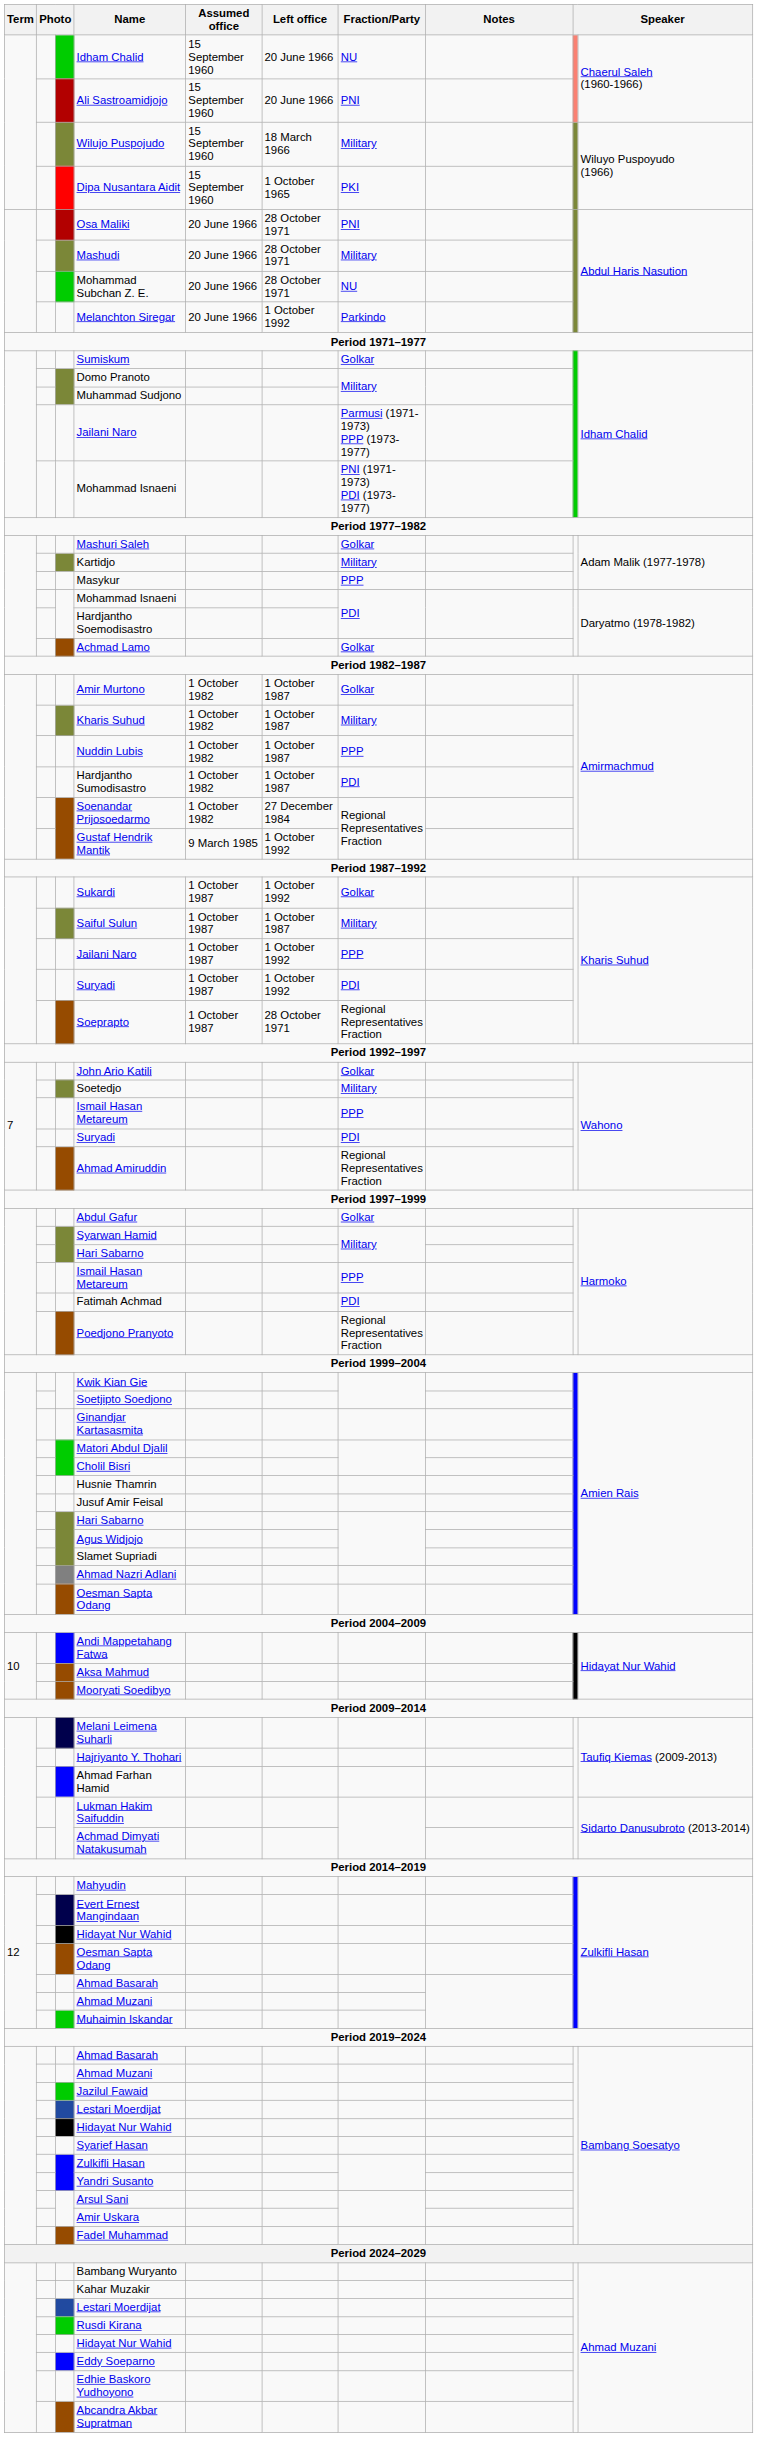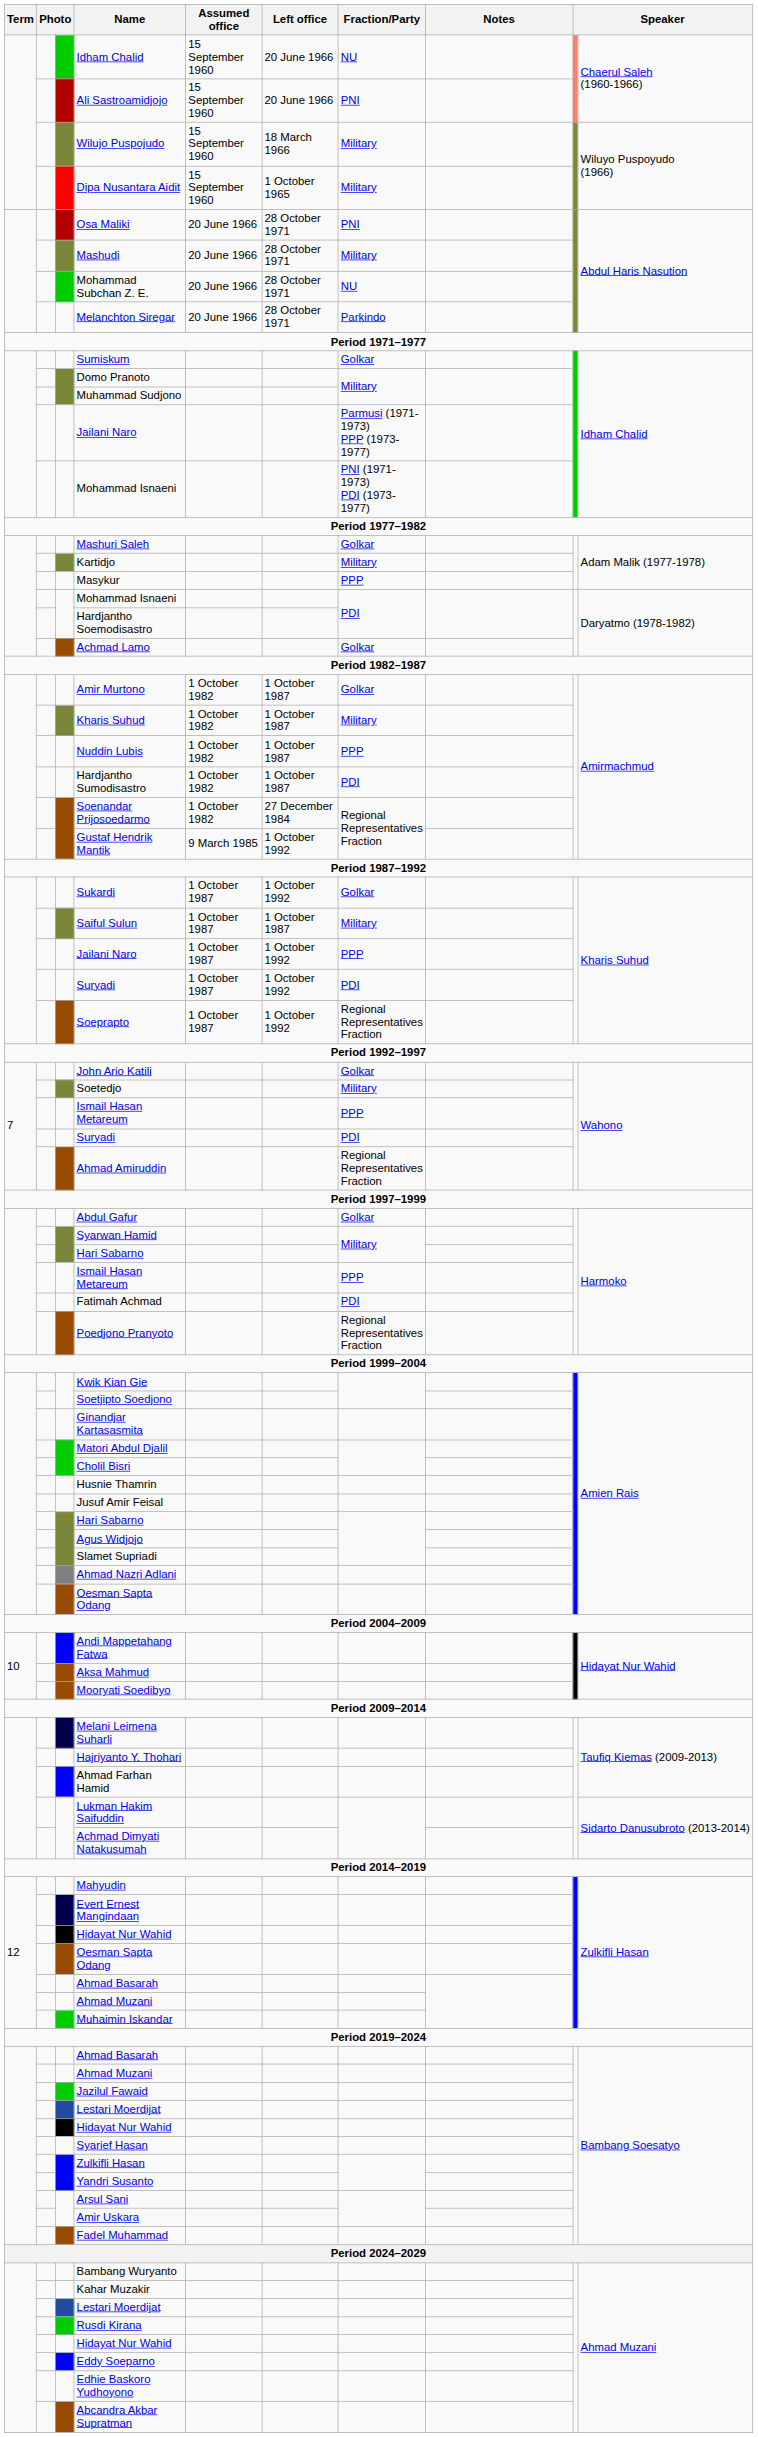 <table class="wikitable">
 <tr>
 <th width=10>Term</th>
 <th colspan="2">Photo</th>
 <th width=150>Name</th>
 <th width=100>Assumed office</th>
 <th width=100>Left office</th>
 <th width="100">Fraction/Party</th>
 <th width="200">Notes</th>
 <th colspan="2">Speaker</th>
 </tr>
 <tr>
 <td rowspan="4"></td>
 <td></td>
 <td bgcolor="#00cc00"></td>
 <td><a href='#'>Idham Chalid</a></td>
 <td>15 September 1960</td>
 <td>20 June 1966</td>
 <td><a href='#'>NU</a></td>
 <td></td>
 <td rowspan="2" bgcolor="salmon"></td>
 <td rowspan="2"><a href='#'>Chaerul Saleh</a><br>(1960-1966)</td>
 </tr>
 <tr>
 <td></td>
 <td bgcolor="#b20000"></td>
 <td><a href='#'>Ali Sastroamidjojo</a></td>
 <td>15 September 1960</td>
 <td>20 June 1966</td>
 <td><a href='#'>PNI</a></td>
 <td></td>
 </tr>
 <tr>
 <td></td>
 <td bgcolor="#7B8738"></td>
 <td><a href='#'>Wilujo Puspojudo</a></td>
 <td>15 September 1960</td>
 <td>18 March 1966</td>
 <td><a href='#'>Military</a></td>
 <td></td>
 <td rowspan="2" bgcolor="#7B8738"></td>
 <td rowspan="2">Wiluyo Puspoyudo<br>(1966)</td>
 </tr>
 <tr>
 <td></td>
 <td bgcolor="red"></td>
 <td><a href='#'>Dipa Nusantara Aidit</a></td>
 <td>15 September 1960</td>
 <td>1 October 1965</td>
-<td><a href='#'>PKI</a></td>
+<td><a href='#'>Military</a></td>
 <td></td>
 </tr>
 <tr>
 <td rowspan="4"></td>
 <td></td>
 <td bgcolor="#b20000"></td>
 <td><a href='#'>Osa Maliki</a></td>
 <td>20 June 1966</td>
 <td>28 October 1971</td>
 <td><a href='#'>PNI</a></td>
 <td></td>
 <td rowspan="4" bgcolor="#7B8738"></td>
 <td rowspan="4"><a href='#'>Abdul Haris Nasution</a></td>
 </tr>
 <tr>
 <td></td>
 <td bgcolor="#7B8738"></td>
 <td><a href='#'>Mashudi</a></td>
 <td>20 June 1966</td>
 <td>28 October 1971</td>
 <td><a href='#'>Military</a></td>
 <td></td>
 </tr>
 <tr>
 <td></td>
 <td bgcolor="#00cc00"></td>
 <td>Mohammad Subchan Z. E.</td>
 <td>20 June 1966</td>
 <td>28 October 1971</td>
 <td><a href='#'>NU</a></td>
 <td></td>
 </tr>
 <tr>
 <td></td>
 <td bgcolor=></td>
 <td><a href='#'>Melanchton Siregar</a></td>
 <td>20 June 1966</td>
-<td>1 October 1992</td>
+<td>28 October 1971</td>
 <td><a href='#'>Parkindo</a></td>
 <td></td>
 </tr>
 <tr>
 <td colspan=10 style="text-align:center;"><strong>Period 1971–1977</strong></td>
 </tr>
 <tr>
 <td rowspan="5"></td>
 <td></td>
 <td bgcolor=></td>
 <td><a href='#'>Sumiskum</a></td>
 <td></td>
 <td></td>
 <td><a href='#'>Golkar</a></td>
 <td></td>
 <td rowspan="5" bgcolor="#00cc00"></td>
 <td rowspan="5"><a href='#'>Idham Chalid</a></td>
 </tr>
 <tr>
 <td></td>
 <td rowspan="2" bgcolor="#7B8738"></td>
 <td>Domo Pranoto</td>
 <td></td>
 <td></td>
 <td rowspan="2"><a href='#'>Military</a></td>
 <td rowspan="2"></td>
 </tr>
 <tr>
 <td></td>
 <td>Muhammad Sudjono</td>
 <td></td>
 <td></td>
 </tr>
 <tr>
 <td></td>
 <td bgcolor=></td>
 <td><a href='#'>Jailani Naro</a></td>
 <td></td>
 <td></td>
 <td><a href='#'>Parmusi</a> (1971-1973)<br><a href='#'>PPP</a> (1973-1977)</td>
 <td></td>
 </tr>
 <tr>
 <td></td>
 <td bgcolor=></td>
 <td>Mohammad Isnaeni</td>
 <td></td>
 <td></td>
 <td><a href='#'>PNI</a> (1971-1973)<br><a href='#'>PDI</a> (1973-1977)</td>
 <td></td>
 </tr>
 <tr>
 <td colspan=10 style="text-align:center;"><strong>Period 1977–1982</strong></td>
 </tr>
 <tr>
 <td rowspan="6"></td>
 <td></td>
 <td bgcolor=></td>
 <td><a href='#'>Mashuri Saleh</a></td>
 <td></td>
 <td></td>
 <td><a href='#'>Golkar</a></td>
 <td></td>
 <td rowspan="3" bgcolor=></td>
 <td rowspan="3">Adam Malik (1977-1978)</td>
 </tr>
 <tr>
 <td></td>
 <td bgcolor="#7B8738"></td>
 <td>Kartidjo</td>
 <td></td>
 <td></td>
 <td><a href='#'>Military</a></td>
 <td></td>
 </tr>
 <tr>
 <td></td>
 <td bgcolor=></td>
 <td>Masykur</td>
 <td></td>
 <td></td>
 <td><a href='#'>PPP</a></td>
 <td></td>
 </tr>
 <tr>
 <td></td>
 <td rowspan="2" bgcolor=></td>
 <td>Mohammad Isnaeni</td>
 <td></td>
 <td></td>
 <td rowspan="2"><a href='#'>PDI</a></td>
 <td rowspan="2"></td>
 <td rowspan="3" bgcolor=></td>
 <td rowspan="3">Daryatmo (1978-1982)</td>
 </tr>
 <tr>
 <td></td>
 <td>Hardjantho Soemodisastro</td>
 <td></td>
 <td></td>
 </tr>
 <tr>
 <td></td>
 <td bgcolor="964B00"></td>
 <td><a href='#'>Achmad Lamo</a></td>
 <td></td>
 <td></td>
 <td><a href='#'>Golkar</a></td>
 <td></td>
 </tr>
 <tr>
 <td colspan=10 style="text-align:center;"><strong>Period 1982–1987</strong></td>
 </tr>
 <tr>
 <td rowspan="6"></td>
 <td></td>
 <td bgcolor=></td>
 <td><a href='#'>Amir Murtono</a></td>
 <td>1 October 1982</td>
 <td>1 October 1987</td>
 <td><a href='#'>Golkar</a></td>
 <td></td>
 <td rowspan="6" bgcolor=></td>
 <td rowspan="6"><a href='#'>Amirmachmud</a></td>
 </tr>
 <tr>
 <td></td>
 <td bgcolor="#7B8738"></td>
 <td><a href='#'>Kharis Suhud</a></td>
 <td>1 October 1982</td>
 <td>1 October 1987</td>
 <td><a href='#'>Military</a></td>
 <td></td>
 </tr>
 <tr>
 <td></td>
 <td bgcolor=></td>
 <td><a href='#'>Nuddin Lubis</a></td>
 <td>1 October 1982</td>
 <td>1 October 1987</td>
 <td><a href='#'>PPP</a></td>
 <td></td>
 </tr>
 <tr>
 <td></td>
 <td bgcolor=></td>
 <td>Hardjantho Sumodisastro</td>
 <td>1 October 1982</td>
 <td>1 October 1987</td>
 <td><a href='#'>PDI</a></td>
 <td></td>
 </tr>
 <tr>
 <td></td>
 <td rowspan="2" bgcolor="964B00"></td>
 <td><a href='#'>Soenandar Prijosoedarmo</a></td>
 <td>1 October 1982</td>
 <td>27 December 1984</td>
 <td rowspan="2">Regional Representatives Fraction</td>
 <td></td>
 </tr>
 <tr>
 <td></td>
 <td><a href='#'>Gustaf Hendrik Mantik</a></td>
 <td>9 March 1985</td>
 <td>1 October 1992</td>
 <td></td>
 </tr>
 <tr>
 <td colspan=10 style="text-align:center;"><strong>Period 1987–1992</strong></td>
 </tr>
 <tr>
 <td rowspan="5"></td>
 <td></td>
 <td bgcolor=></td>
 <td><a href='#'>Sukardi</a></td>
 <td>1 October 1987</td>
 <td>1 October 1992</td>
 <td><a href='#'>Golkar</a></td>
 <td></td>
 <td rowspan="5" bgcolor=></td>
 <td rowspan="5"><a href='#'>Kharis Suhud</a></td>
 </tr>
 <tr>
 <td></td>
 <td bgcolor="#7B8738"></td>
 <td><a href='#'>Saiful Sulun</a></td>
 <td>1 October 1987</td>
 <td>1 October 1987</td>
 <td><a href='#'>Military</a></td>
 <td></td>
 </tr>
 <tr>
 <td></td>
 <td bgcolor=></td>
 <td><a href='#'>Jailani Naro</a></td>
 <td>1 October 1987</td>
 <td>1 October 1992</td>
 <td><a href='#'>PPP</a></td>
 <td></td>
 </tr>
 <tr>
 <td></td>
 <td bgcolor=></td>
 <td><a href='#'>Suryadi</a></td>
 <td>1 October 1987</td>
 <td>1 October 1992</td>
 <td><a href='#'>PDI</a></td>
 <td></td>
 </tr>
 <tr>
 <td></td>
 <td bgcolor="964B00"></td>
 <td><a href='#'>Soeprapto</a></td>
 <td>1 October 1987</td>
-<td>28 October 1971</td>
+<td>1 October 1992</td>
 <td>Regional Representatives Fraction</td>
 <td></td>
 </tr>
 <tr>
 <td colspan=10 style="text-align:center;"><strong>Period 1992–1997</strong></td>
 </tr>
 <tr>
 <td rowspan="5">7</td>
 <td></td>
 <td bgcolor=></td>
 <td><a href='#'>John Ario Katili</a></td>
 <td></td>
 <td></td>
 <td><a href='#'>Golkar</a></td>
 <td></td>
 <td rowspan="5" bgcolor=></td>
 <td rowspan="5"><a href='#'>Wahono</a></td>
 </tr>
 <tr>
 <td></td>
 <td bgcolor="#7B8738"></td>
 <td>Soetedjo</td>
 <td></td>
 <td></td>
 <td><a href='#'>Military</a></td>
 <td></td>
 </tr>
 <tr>
 <td></td>
 <td bgcolor=></td>
 <td><a href='#'>Ismail Hasan Metareum</a></td>
 <td></td>
 <td></td>
 <td><a href='#'>PPP</a></td>
 <td></td>
 </tr>
 <tr>
 <td></td>
 <td bgcolor=></td>
 <td><a href='#'>Suryadi</a></td>
 <td></td>
 <td></td>
 <td><a href='#'>PDI</a></td>
 <td></td>
 </tr>
 <tr>
 <td></td>
 <td bgcolor="964B00"></td>
 <td><a href='#'>Ahmad Amiruddin</a></td>
 <td></td>
 <td></td>
 <td>Regional Representatives Fraction</td>
 <td></td>
 </tr>
 <tr>
 <td colspan=10 style="text-align:center;"><strong>Period 1997–1999</strong></td>
 </tr>
 <tr>
 <td rowspan="6"></td>
 <td></td>
 <td bgcolor=></td>
 <td><a href='#'>Abdul Gafur</a></td>
 <td></td>
 <td></td>
 <td><a href='#'>Golkar</a></td>
 <td></td>
 <td rowspan="6" bgcolor=></td>
 <td rowspan="6"><a href='#'>Harmoko</a></td>
 </tr>
 <tr>
 <td></td>
 <td rowspan="2" bgcolor="#7B8738"></td>
 <td><a href='#'>Syarwan Hamid</a></td>
 <td></td>
 <td></td>
 <td rowspan=2><a href='#'>Military</a></td>
 <td></td>
 </tr>
 <tr>
 <td></td>
 <td><a href='#'>Hari Sabarno</a></td>
 <td></td>
 <td></td>
 <td></td>
 </tr>
 <tr>
 <td></td>
 <td bgcolor=></td>
 <td><a href='#'>Ismail Hasan Metareum</a></td>
 <td></td>
 <td></td>
 <td><a href='#'>PPP</a></td>
 <td></td>
 </tr>
 <tr>
 <td></td>
 <td bgcolor=></td>
 <td>Fatimah Achmad</td>
 <td></td>
 <td></td>
 <td><a href='#'>PDI</a></td>
 <td></td>
 </tr>
 <tr>
 <td></td>
 <td bgcolor="964B00"></td>
 <td><a href='#'>Poedjono Pranyoto</a></td>
 <td></td>
 <td></td>
 <td>Regional Representatives Fraction</td>
 <td></td>
 </tr>
 <tr>
 <td colspan=10 style="text-align:center;"><strong>Period 1999–2004</strong></td>
 </tr>
 <tr>
 <td rowspan="12"></td>
 <td></td>
 <td rowspan="2" bgcolor=></td>
 <td><a href='#'>Kwik Kian Gie</a></td>
 <td></td>
 <td></td>
 <td rowspan=2></td>
 <td></td>
 <td rowspan="12" bgcolor="#0000FF"></td>
 <td rowspan="12"><a href='#'>Amien Rais</a></td>
 </tr>
 <tr>
 <td></td>
 <td><a href='#'>Soetjipto Soedjono</a></td>
 <td></td>
 <td></td>
 <td></td>
 </tr>
 <tr>
 <td></td>
 <td bgcolor=></td>
 <td><a href='#'>Ginandjar Kartasasmita</a></td>
 <td></td>
 <td></td>
 <td></td>
 <td></td>
 </tr>
 <tr>
 <td></td>
 <td rowspan="2" bgcolor=#00cc00></td>
 <td><a href='#'>Matori Abdul Djalil</a></td>
 <td></td>
 <td></td>
 <td rowspan=2></td>
 <td></td>
 </tr>
 <tr>
 <td></td>
 <td><a href='#'>Cholil Bisri</a></td>
 <td></td>
 <td></td>
 <td></td>
 </tr>
 <tr>
 <td></td>
 <td bgcolor=></td>
 <td>Husnie Thamrin</td>
 <td></td>
 <td></td>
 <td></td>
 <td></td>
 </tr>
 <tr>
 <td></td>
 <td bgcolor=></td>
 <td>Jusuf Amir Feisal</td>
 <td></td>
 <td></td>
 <td></td>
 <td></td>
 </tr>
 <tr>
 <td></td>
 <td rowspan="3" bgcolor="#7B8738"></td>
 <td><a href='#'>Hari Sabarno</a></td>
 <td></td>
 <td></td>
 <td rowspan=3></td>
 <td></td>
 </tr>
 <tr>
 <td></td>
 <td><a href='#'>Agus Widjojo</a></td>
 <td></td>
 <td></td>
 <td></td>
 </tr>
 <tr>
 <td></td>
 <td>Slamet Supriadi</td>
 <td></td>
 <td></td>
 <td></td>
 </tr>
 <tr>
 <td></td>
 <td bgcolor=gray></td>
 <td><a href='#'>Ahmad Nazri Adlani</a></td>
 <td></td>
 <td></td>
 <td></td>
 <td></td>
 </tr>
 <tr>
 <td></td>
 <td bgcolor="964B00"></td>
 <td><a href='#'>Oesman Sapta Odang</a></td>
 <td></td>
 <td></td>
 <td></td>
 <td></td>
 </tr>
 <tr>
 <td colspan=10 style="text-align:center;"><strong>Period 2004–2009</strong></td>
 </tr>
 <tr>
 <td rowspan="3">10</td>
 <td></td>
 <td bgcolor="#0000FF"></td>
 <td><a href='#'>Andi Mappetahang Fatwa</a></td>
 <td></td>
 <td></td>
 <td></td>
 <td></td>
 <td rowspan="3" bgcolor="black"></td>
 <td rowspan="3"><a href='#'>Hidayat Nur Wahid</a></td>
 </tr>
 <tr>
 <td></td>
 <td bgcolor="964B00"></td>
 <td><a href='#'>Aksa Mahmud</a></td>
 <td></td>
 <td></td>
 <td></td>
 <td></td>
 </tr>
 <tr>
 <td></td>
 <td bgcolor="964B00"></td>
 <td><a href='#'>Mooryati Soedibyo</a></td>
 <td></td>
 <td></td>
 <td></td>
 <td></td>
 </tr>
 <tr>
 <td colspan=10 style="text-align:center;"><strong>Period 2009–2014</strong></td>
 </tr>
 <tr>
 <td rowspan="5"></td>
 <td></td>
 <td bgcolor=#00004c></td>
 <td><a href='#'>Melani Leimena Suharli</a></td>
 <td></td>
 <td></td>
 <td></td>
 <td></td>
 <td rowspan="5"></td>
 <td rowspan="3"><a href='#'>Taufiq Kiemas</a> (2009-2013)</td>
 </tr>
 <tr>
 <td></td>
 <td bgcolor=></td>
 <td><a href='#'>Hajriyanto Y. Thohari</a></td>
 <td></td>
 <td></td>
 <td></td>
 <td></td>
 </tr>
 <tr>
 <td></td>
 <td bgcolor="#0000FF"></td>
 <td>Ahmad Farhan Hamid</td>
 <td></td>
 <td></td>
 <td></td>
 <td></td>
 </tr>
 <tr>
 <td></td>
 <td rowspan="2" bgcolor=></td>
 <td><a href='#'>Lukman Hakim Saifuddin</a></td>
 <td></td>
 <td></td>
 <td rowspan=2></td>
 <td></td>
 <td rowspan="2"><a href='#'>Sidarto Danusubroto</a> (2013-2014)</td>
 </tr>
 <tr>
 <td></td>
 <td><a href='#'>Achmad Dimyati Natakusumah</a></td>
 <td></td>
 <td></td>
 <td></td>
 </tr>
 <tr>
 <td colspan=10 style="text-align:center;"><strong>Period 2014–2019</strong></td>
 </tr>
 <tr>
 <td rowspan="7">12</td>
 <td></td>
 <td bgcolor=></td>
 <td><a href='#'>Mahyudin</a></td>
 <td></td>
 <td></td>
 <td></td>
 <td></td>
 <td rowspan="7" bgcolor="#0000FF"></td>
 <td rowspan="7"><a href='#'>Zulkifli Hasan</a></td>
 </tr>
 <tr>
 <td></td>
 <td bgcolor=#00004c></td>
 <td><a href='#'>Evert Ernest Mangindaan</a></td>
 <td></td>
 <td></td>
 <td></td>
 <td></td>
 </tr>
 <tr>
 <td></td>
 <td bgcolor="#000000"></td>
 <td><a href='#'>Hidayat Nur Wahid</a></td>
 <td></td>
 <td></td>
 <td></td>
 <td></td>
 </tr>
 <tr>
 <td></td>
 <td bgcolor="964B00"></td>
 <td><a href='#'>Oesman Sapta Odang</a></td>
 <td></td>
 <td></td>
 <td></td>
 <td></td>
 </tr>
 <tr>
 <td></td>
 <td bgcolor=></td>
 <td><a href='#'>Ahmad Basarah</a></td>
 <td></td>
 <td></td>
 <td></td>
 <td rowspan="3"></td>
 </tr>
 <tr>
 <td></td>
 <td bgcolor=></td>
 <td><a href='#'>Ahmad Muzani</a></td>
 <td></td>
 <td></td>
 <td></td>
 </tr>
 <tr>
 <td></td>
 <td bgcolor=#00cc00></td>
 <td><a href='#'>Muhaimin Iskandar</a></td>
 <td></td>
 <td></td>
 <td></td>
 </tr>
 <tr>
 <td colspan=10 style="text-align:center;"><strong>Period 2019–2024</strong></td>
 </tr>
 <tr>
 <td rowspan="11"></td>
 <td></td>
 <td bgcolor=></td>
 <td><a href='#'>Ahmad Basarah</a></td>
 <td></td>
 <td></td>
 <td></td>
 <td></td>
 <td rowspan="11" bgcolor=></td>
 <td rowspan="11"><a href='#'>Bambang Soesatyo</a></td>
 </tr>
 <tr>
 <td></td>
 <td bgcolor=></td>
 <td><a href='#'>Ahmad Muzani</a></td>
 <td></td>
 <td></td>
 <td></td>
 <td></td>
 </tr>
 <tr>
 <td></td>
 <td bgcolor="#00cc00"></td>
 <td><a href='#'>Jazilul Fawaid</a></td>
 <td></td>
 <td></td>
 <td></td>
 <td></td>
 </tr>
 <tr>
 <td></td>
 <td bgcolor="#214aa0"></td>
 <td><a href='#'>Lestari Moerdijat</a></td>
 <td></td>
 <td></td>
 <td></td>
 <td></td>
 </tr>
 <tr>
 <td></td>
 <td bgcolor="#000000"></td>
 <td><a href='#'>Hidayat Nur Wahid</a></td>
 <td></td>
 <td></td>
 <td></td>
 <td></td>
 </tr>
 <tr>
 <td></td>
 <td bgcolor=></td>
 <td><a href='#'>Syarief Hasan</a></td>
 <td></td>
 <td></td>
 <td></td>
 <td></td>
 </tr>
 <tr>
 <td></td>
 <td rowspan="2" bgcolor="#0000FF"></td>
 <td><a href='#'>Zulkifli Hasan</a></td>
 <td></td>
 <td></td>
 <td rowspan=2></td>
 <td></td>
 </tr>
 <tr>
 <td></td>
 <td><a href='#'>Yandri Susanto</a></td>
 <td></td>
 <td></td>
 <td></td>
 </tr>
 <tr>
 <td></td>
 <td rowspan="2" bgcolor=></td>
 <td><a href='#'>Arsul Sani</a></td>
 <td></td>
 <td></td>
 <td rowspan=2></td>
 <td></td>
 </tr>
 <tr>
 <td></td>
 <td><a href='#'>Amir Uskara</a></td>
 <td></td>
 <td></td>
 <td></td>
 </tr>
 <tr>
 <td></td>
 <td bgcolor="964B00"></td>
 <td><a href='#'>Fadel Muhammad</a></td>
 <td></td>
 <td></td>
 <td></td>
 <td></td>
 </tr>
 <tr>
 <th colspan=10>Period 2024–2029</th>
 </tr>
 <tr>
 <td rowspan=8></td>
 <td></td>
 <td bgcolor=></td>
 <td>Bambang Wuryanto</td>
 <td></td>
 <td></td>
 <td></td>
 <td></td>
 <td rowspan=8 bgcolor=></td>
 <td rowspan=8><a href='#'>Ahmad Muzani</a></td>
 </tr>
 <tr>
 <td></td>
 <td bgcolor=></td>
 <td>Kahar Muzakir</td>
 <td></td>
 <td></td>
 <td></td>
 <td></td>
 </tr>
 <tr>
 <td></td>
 <td bgcolor="#214aa0"></td>
 <td><a href='#'>Lestari Moerdijat</a></td>
 <td></td>
 <td></td>
 <td></td>
 <td></td>
 </tr>
 <tr>
 <td></td>
 <td bgcolor=#00cc00></td>
 <td><a href='#'>Rusdi Kirana</a></td>
 <td></td>
 <td></td>
 <td></td>
 <td></td>
 </tr>
 <tr>
 <td></td>
 <td bgcolor=></td>
 <td><a href='#'>Hidayat Nur Wahid</a></td>
 <td></td>
 <td></td>
 <td></td>
 <td></td>
 </tr>
 <tr>
 <td></td>
 <td bgcolor="#0000FF"></td>
 <td><a href='#'>Eddy Soeparno</a></td>
 <td></td>
 <td></td>
 <td></td>
 <td></td>
 </tr>
 <tr>
 <td></td>
 <td bgcolor=></td>
 <td><a href='#'>Edhie Baskoro Yudhoyono</a></td>
 <td></td>
 <td></td>
 <td></td>
 <td></td>
 </tr>
 <tr>
 <td></td>
 <td bgcolor="964B00"></td>
 <td><a href='#'>Abcandra Akbar Supratman</a></td>
 <td></td>
 <td></td>
 <td></td>
 <td></td>
 </tr>
 </table>
